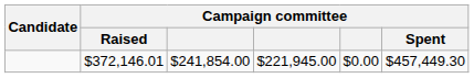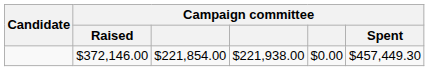 <table class="wikitable" style="font-size:90%;text-align:center;">
 <tr>
 <th rowspan="2">Candidate</th>
 <th colspan="8">Campaign committee</th>
 </tr>
 <tr>
 <th>Raised</th>
 <th></th>
 <th></th>
 <th></th>
 <th>Spent</th>
 </tr>
 <tr>
 <td></td>
-<td>$372,146.01</td>
-<td>$241,854.00</td>
-<td>$221,945.00</td>
+<td>$372,146.00</td>
+<td>$221,854.00</td>
+<td>$221,938.00</td>
 <td>$0.00</td>
 <td>$457,449.30</td>
 </tr>
 </table>
